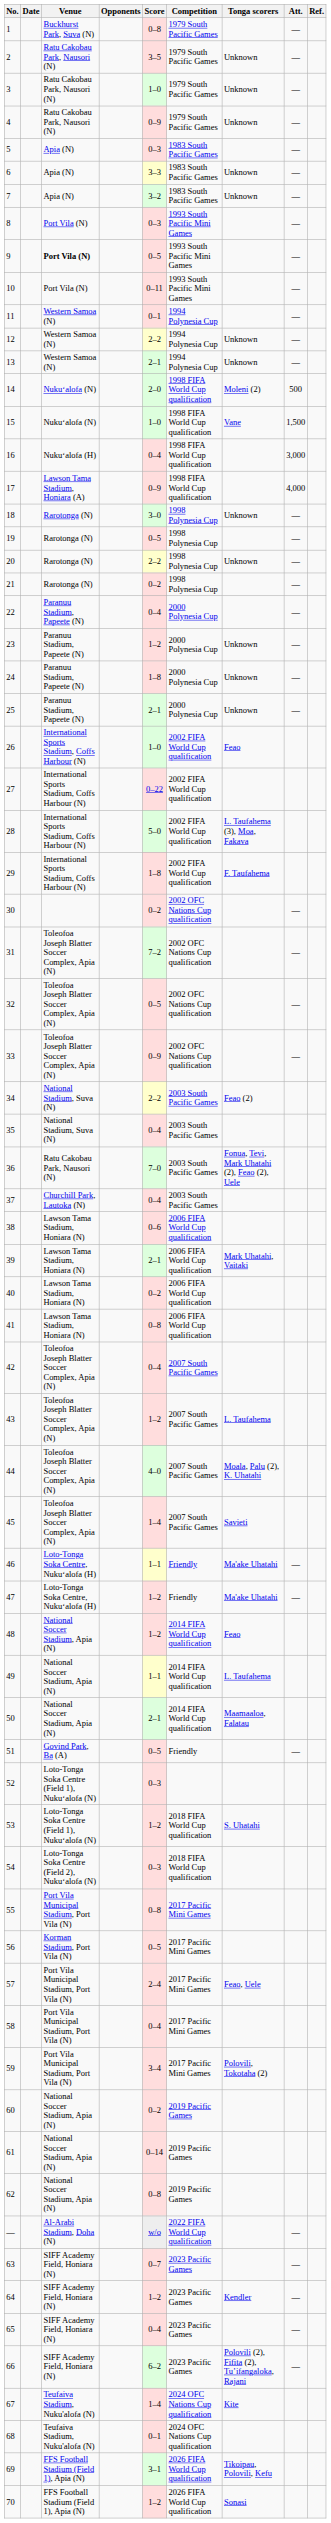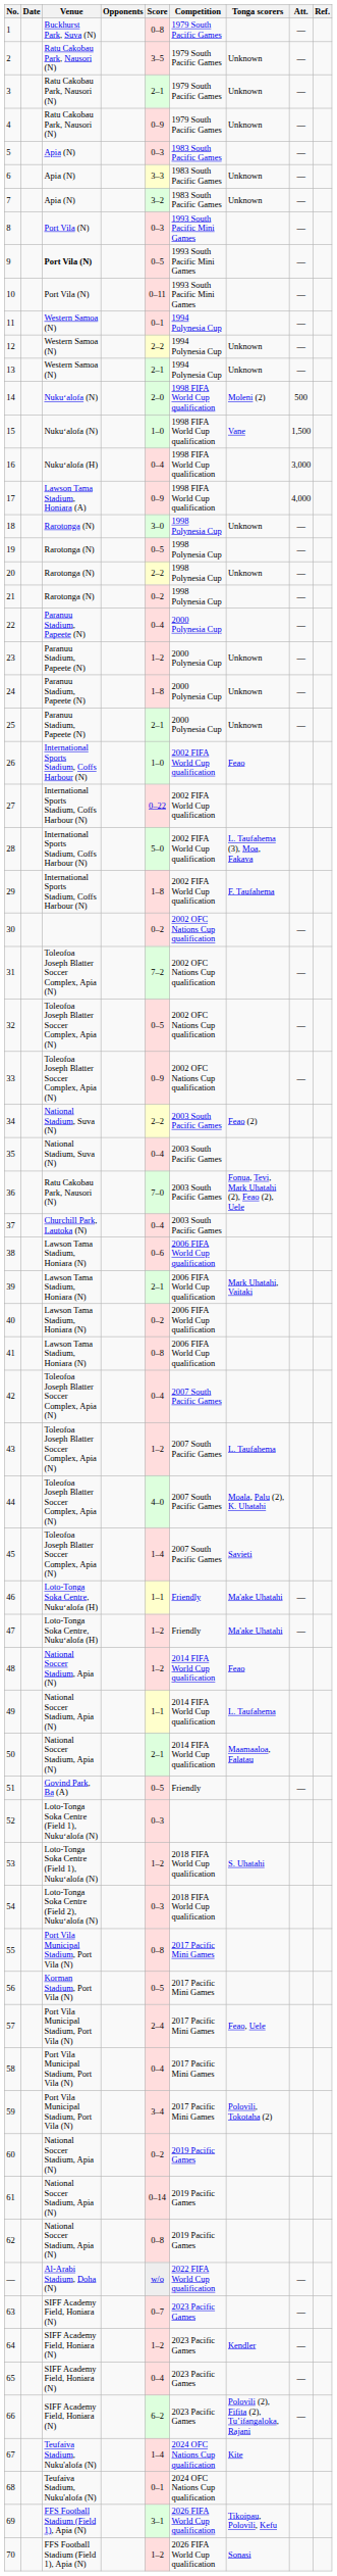 <table class="wikitable sortable">
 <tr>
 <th>No.</th>
 <th>Date</th>
 <th>Venue</th>
 <th>Opponents</th>
 <th>Score</th>
 <th>Competition</th>
 <th class=unsortable>Tonga scorers</th>
 <th>Att.</th>
 <th class=unsortable>Ref.</th>
 </tr>
 <tr>
 <td>1</td>
 <td></td>
 <td><a href='#'>Buckhurst Park</a>, <a href='#'>Suva</a> (N)</td>
 <td></td>
 <td align=center bgcolor=#ffdddd>0–8</td>
 <td><a href='#'>1979 South Pacific Games</a></td>
 <td></td>
 <td align=center>—</td>
 <td></td>
 </tr>
 <tr>
 <td>2</td>
 <td></td>
 <td><a href='#'>Ratu Cakobau Park</a>, <a href='#'>Nausori</a> (N)</td>
 <td></td>
 <td align=center bgcolor=#ffdddd>3–5</td>
 <td>1979 South Pacific Games</td>
 <td>Unknown</td>
 <td align=center>—</td>
 <td></td>
 </tr>
 <tr>
 <td>3</td>
 <td></td>
 <td>Ratu Cakobau Park, Nausori (N)</td>
 <td></td>
-<td align=center bgcolor=#ddffdd>1–0</td>
+<td align=center bgcolor=#ddffdd>2–1</td>
 <td>1979 South Pacific Games</td>
 <td>Unknown</td>
 <td align=center>—</td>
 <td></td>
 </tr>
 <tr>
 <td>4</td>
 <td></td>
 <td>Ratu Cakobau Park, Nausori (N)</td>
 <td></td>
 <td align=center bgcolor=#ffdddd>0–9</td>
 <td>1979 South Pacific Games</td>
 <td>Unknown</td>
 <td align=center>—</td>
 <td></td>
 </tr>
 <tr>
 <td>5</td>
 <td></td>
 <td><a href='#'>Apia</a> (N)</td>
 <td></td>
 <td align=center bgcolor=#ffdddd>0–3</td>
 <td><a href='#'>1983 South Pacific Games</a></td>
 <td></td>
 <td align=center>—</td>
 <td></td>
 </tr>
 <tr>
 <td>6</td>
 <td></td>
 <td>Apia (N)</td>
 <td></td>
 <td align=center bgcolor=#ffffcc>3–3</td>
 <td>1983 South Pacific Games</td>
 <td>Unknown</td>
 <td align=center>—</td>
 <td></td>
 </tr>
 <tr>
 <td>7</td>
 <td></td>
 <td>Apia (N)</td>
 <td></td>
 <td align=center bgcolor=#ddffdd>3–2</td>
 <td>1983 South Pacific Games</td>
 <td>Unknown</td>
 <td align=center>—</td>
 <td></td>
 </tr>
 <tr>
 <td>8</td>
 <td></td>
 <td><a href='#'>Port Vila</a> (N)</td>
 <td></td>
 <td align=center bgcolor=#ffdddd>0–3</td>
 <td><a href='#'>1993 South Pacific Mini Games</a></td>
 <td></td>
 <td align=center>—</td>
 <td></td>
 </tr>
 <tr>
 <td>9</td>
 <td></td>
 <td><strong>Port Vila (N)</strong></td>
 <td></td>
 <td align=center bgcolor=#ffdddd>0–5</td>
 <td>1993 South Pacific Mini Games</td>
 <td></td>
 <td align=center>—</td>
 <td></td>
 </tr>
 <tr>
 <td>10</td>
 <td></td>
 <td>Port Vila (N)</td>
 <td></td>
 <td align=center bgcolor=#ffdddd>0–11</td>
 <td>1993 South Pacific Mini Games</td>
 <td></td>
 <td align=center>—</td>
 <td></td>
 </tr>
 <tr>
 <td>11</td>
 <td></td>
 <td><a href='#'>Western Samoa</a> (N)</td>
 <td></td>
 <td align=center bgcolor=#ffdddd>0–1</td>
 <td><a href='#'>1994 Polynesia Cup</a></td>
 <td></td>
 <td align=center>—</td>
 <td></td>
 </tr>
 <tr>
 <td>12</td>
 <td></td>
 <td>Western Samoa (N)</td>
 <td></td>
 <td align=center bgcolor=#ffffcc>2–2</td>
 <td>1994 Polynesia Cup</td>
 <td>Unknown</td>
 <td align=center>—</td>
 <td></td>
 </tr>
 <tr>
 <td>13</td>
 <td></td>
 <td>Western Samoa (N)</td>
 <td></td>
 <td align=center bgcolor=#ddffdd>2–1</td>
 <td>1994 Polynesia Cup</td>
 <td>Unknown</td>
 <td align=center>—</td>
 <td></td>
 </tr>
 <tr>
 <td>14</td>
 <td></td>
 <td><a href='#'>Nukuʻalofa</a> (N)</td>
 <td></td>
 <td align=center bgcolor=#ddffdd>2–0</td>
 <td><a href='#'>1998 FIFA World Cup qualification</a></td>
 <td><a href='#'>Moleni</a> (2)</td>
 <td align=center>500</td>
 <td></td>
 </tr>
 <tr>
 <td>15</td>
 <td></td>
 <td>Nukuʻalofa (N)</td>
 <td></td>
 <td align=center bgcolor=#ddffdd>1–0</td>
 <td>1998 FIFA World Cup qualification</td>
 <td><a href='#'>Vane</a></td>
 <td align=center>1,500</td>
 <td></td>
 </tr>
 <tr>
 <td>16</td>
 <td></td>
 <td>Nukuʻalofa (H)</td>
 <td></td>
 <td align=center bgcolor=#ffdddd>0–4</td>
 <td>1998 FIFA World Cup qualification</td>
 <td></td>
 <td align=center>3,000</td>
 <td></td>
 </tr>
 <tr>
 <td>17</td>
 <td></td>
 <td><a href='#'>Lawson Tama Stadium</a>, <a href='#'>Honiara</a> (A)</td>
 <td></td>
 <td align=center bgcolor=#ffdddd>0–9</td>
 <td>1998 FIFA World Cup qualification</td>
 <td></td>
 <td align=center>4,000</td>
 <td></td>
 </tr>
 <tr>
 <td>18</td>
 <td></td>
 <td><a href='#'>Rarotonga</a> (N)</td>
 <td></td>
 <td align=center bgcolor=#ddffdd>3–0</td>
 <td><a href='#'>1998 Polynesia Cup</a></td>
 <td>Unknown</td>
 <td align=center>—</td>
 <td></td>
 </tr>
 <tr>
 <td>19</td>
 <td></td>
 <td>Rarotonga (N)</td>
 <td></td>
 <td align=center bgcolor=#ffdddd>0–5</td>
 <td>1998 Polynesia Cup</td>
 <td></td>
 <td align=center>—</td>
 <td></td>
 </tr>
 <tr>
 <td>20</td>
 <td></td>
 <td>Rarotonga (N)</td>
 <td></td>
 <td align=center bgcolor=#ffffcc>2–2</td>
 <td>1998 Polynesia Cup</td>
 <td>Unknown</td>
 <td align=center>—</td>
 <td></td>
 </tr>
 <tr>
 <td>21</td>
 <td></td>
 <td>Rarotonga (N)</td>
 <td></td>
 <td align=center bgcolor=#ffdddd>0–2</td>
 <td>1998 Polynesia Cup</td>
 <td></td>
 <td align=center>—</td>
 <td></td>
 </tr>
 <tr>
 <td>22</td>
 <td></td>
 <td><a href='#'>Paranuu Stadium</a>, <a href='#'>Papeete</a> (N)</td>
 <td></td>
 <td align=center bgcolor=#ffdddd>0–4</td>
 <td><a href='#'>2000 Polynesia Cup</a></td>
 <td></td>
 <td align=center>—</td>
 <td></td>
 </tr>
 <tr>
 <td>23</td>
 <td></td>
 <td>Paranuu Stadium, Papeete (N)</td>
 <td></td>
 <td align=center bgcolor=#ffdddd>1–2</td>
 <td>2000 Polynesia Cup</td>
 <td>Unknown</td>
 <td align=center>—</td>
 <td></td>
 </tr>
 <tr>
 <td>24</td>
 <td></td>
 <td>Paranuu Stadium, Papeete (N)</td>
 <td></td>
 <td align=center bgcolor=#ffdddd>1–8</td>
 <td>2000 Polynesia Cup</td>
 <td>Unknown</td>
 <td align=center>—</td>
 <td></td>
 </tr>
 <tr>
 <td>25</td>
 <td></td>
 <td>Paranuu Stadium, Papeete (N)</td>
 <td></td>
 <td align=center bgcolor=#ddffdd>2–1</td>
 <td>2000 Polynesia Cup</td>
 <td>Unknown</td>
 <td align=center>—</td>
 <td></td>
 </tr>
 <tr>
 <td>26</td>
 <td></td>
 <td><a href='#'>International Sports Stadium</a>, <a href='#'>Coffs Harbour</a> (N)</td>
 <td></td>
 <td align=center bgcolor=#ddffdd>1–0</td>
 <td><a href='#'>2002 FIFA World Cup qualification</a></td>
 <td><a href='#'>Feao</a></td>
 <td align=center></td>
 <td></td>
 </tr>
 <tr>
 <td>27</td>
 <td></td>
 <td>International Sports Stadium, Coffs Harbour (N)</td>
 <td></td>
 <td align=center bgcolor=#ffdddd><a href='#'>0–22</a></td>
 <td>2002 FIFA World Cup qualification</td>
 <td></td>
 <td align=center></td>
 <td></td>
 </tr>
 <tr>
 <td>28</td>
 <td></td>
 <td>International Sports Stadium, Coffs Harbour (N)</td>
 <td></td>
 <td align=center bgcolor=#ddffdd>5–0</td>
 <td>2002 FIFA World Cup qualification</td>
 <td><a href='#'>L. Taufahema</a> (3), <a href='#'>Moa</a>, <a href='#'>Fakava</a></td>
 <td align=center></td>
 <td></td>
 </tr>
 <tr>
 <td>29</td>
 <td></td>
 <td>International Sports Stadium, Coffs Harbour (N)</td>
 <td></td>
 <td align=center bgcolor=#ffdddd>1–8</td>
 <td>2002 FIFA World Cup qualification</td>
 <td><a href='#'>F. Taufahema</a></td>
 <td align=center></td>
 <td></td>
 </tr>
 <tr>
 <td>30</td>
 <td></td>
 <td></td>
 <td></td>
 <td align=center bgcolor=#ffdddd>0–2</td>
 <td><a href='#'>2002 OFC Nations Cup qualification</a></td>
 <td></td>
 <td align=center>—</td>
 <td></td>
 </tr>
 <tr>
 <td>31</td>
 <td></td>
 <td>Toleofoa Joseph Blatter Soccer Complex, Apia (N)</td>
 <td></td>
 <td align=center bgcolor=#ddffdd>7–2</td>
 <td>2002 OFC Nations Cup qualification</td>
 <td></td>
 <td align=center>—</td>
 <td></td>
 </tr>
 <tr>
 <td>32</td>
 <td></td>
 <td>Toleofoa Joseph Blatter Soccer Complex, Apia (N)</td>
 <td></td>
 <td align=center bgcolor=#ffdddd>0–5</td>
 <td>2002 OFC Nations Cup qualification</td>
 <td></td>
 <td align=center>—</td>
 <td></td>
 </tr>
 <tr>
 <td>33</td>
 <td></td>
 <td>Toleofoa Joseph Blatter Soccer Complex, Apia (N)</td>
 <td></td>
 <td align=center bgcolor=#ffdddd>0–9</td>
 <td>2002 OFC Nations Cup qualification</td>
 <td></td>
 <td align=center>—</td>
 <td></td>
 </tr>
 <tr>
 <td>34</td>
 <td></td>
 <td><a href='#'>National Stadium</a>, Suva (N)</td>
 <td></td>
 <td align=center bgcolor=#ffffcc>2–2</td>
 <td><a href='#'>2003 South Pacific Games</a></td>
 <td><a href='#'>Feao</a> (2)</td>
 <td align=center></td>
 <td></td>
 </tr>
 <tr>
 <td>35</td>
 <td></td>
 <td>National Stadium, Suva (N)</td>
 <td></td>
 <td align=center bgcolor=#ffdddd>0–4</td>
 <td>2003 South Pacific Games</td>
 <td></td>
 <td align=center></td>
 <td></td>
 </tr>
 <tr>
 <td>36</td>
 <td></td>
 <td>Ratu Cakobau Park, Nausori (N)</td>
 <td></td>
 <td align=center bgcolor=#ddffdd>7–0</td>
 <td>2003 South Pacific Games</td>
 <td><a href='#'>Fonua</a>, <a href='#'>Tevi</a>, <a href='#'>Mark Uhatahi</a> (2), <a href='#'>Feao</a> (2), <a href='#'>Uele</a></td>
 <td align=center></td>
 <td></td>
 </tr>
 <tr>
 <td>37</td>
 <td></td>
 <td><a href='#'>Churchill Park</a>, <a href='#'>Lautoka</a> (N)</td>
 <td></td>
 <td align=center bgcolor=#ffdddd>0–4</td>
 <td>2003 South Pacific Games</td>
 <td></td>
 <td align=center></td>
 <td></td>
 </tr>
 <tr>
 <td>38</td>
 <td></td>
 <td>Lawson Tama Stadium, Honiara (N)</td>
 <td></td>
 <td align=center bgcolor=#ffdddd>0–6</td>
 <td><a href='#'>2006 FIFA World Cup qualification</a></td>
 <td></td>
 <td align=center></td>
 <td></td>
 </tr>
 <tr>
 <td>39</td>
 <td></td>
 <td>Lawson Tama Stadium, Honiara (N)</td>
 <td></td>
 <td align=center bgcolor=#ddffdd>2–1</td>
 <td>2006 FIFA World Cup qualification</td>
 <td><a href='#'>Mark Uhatahi</a>, <a href='#'>Vaitaki</a></td>
 <td align=center></td>
 <td></td>
 </tr>
 <tr>
 <td>40</td>
 <td></td>
 <td>Lawson Tama Stadium, Honiara (N)</td>
 <td></td>
 <td align=center bgcolor=#ffdddd>0–2</td>
 <td>2006 FIFA World Cup qualification</td>
 <td></td>
 <td align=center></td>
 <td></td>
 </tr>
 <tr>
 <td>41</td>
 <td></td>
 <td>Lawson Tama Stadium, Honiara (N)</td>
 <td></td>
 <td align=center bgcolor=#ffdddd>0–8</td>
 <td>2006 FIFA World Cup qualification</td>
 <td></td>
 <td align=center></td>
 <td></td>
 </tr>
 <tr>
 <td>42</td>
 <td></td>
 <td>Toleofoa Joseph Blatter Soccer Complex, Apia (N)</td>
 <td></td>
 <td align=center bgcolor=#ffdddd>0–4</td>
 <td><a href='#'>2007 South Pacific Games</a></td>
 <td></td>
 <td align=center></td>
 <td></td>
 </tr>
 <tr>
 <td>43</td>
 <td></td>
 <td>Toleofoa Joseph Blatter Soccer Complex, Apia (N)</td>
 <td></td>
 <td align=center bgcolor=#ffdddd>1–2</td>
 <td>2007 South Pacific Games</td>
 <td><a href='#'>L. Taufahema</a></td>
 <td align=center></td>
 <td></td>
 </tr>
 <tr>
 <td>44</td>
 <td></td>
 <td>Toleofoa Joseph Blatter Soccer Complex, Apia (N)</td>
 <td></td>
 <td align=center bgcolor=#ddffdd>4–0</td>
 <td>2007 South Pacific Games</td>
 <td><a href='#'>Moala</a>, <a href='#'>Palu</a> (2), <a href='#'>K. Uhatahi</a></td>
 <td align=center></td>
 <td></td>
 </tr>
 <tr>
 <td>45</td>
 <td></td>
 <td>Toleofoa Joseph Blatter Soccer Complex, Apia (N)</td>
 <td></td>
 <td align=center bgcolor=#ffdddd>1–4</td>
 <td>2007 South Pacific Games</td>
 <td><a href='#'>Savieti</a></td>
 <td align=center></td>
 <td></td>
 </tr>
 <tr>
 <td>46</td>
 <td></td>
 <td><a href='#'>Loto-Tonga Soka Centre</a>, Nukuʻalofa (H)</td>
 <td></td>
 <td align=center bgcolor=#ffffcc>1–1</td>
 <td><a href='#'>Friendly</a></td>
 <td><a href='#'>Ma'ake Uhatahi</a></td>
 <td align=center>—</td>
 <td></td>
 </tr>
 <tr>
 <td>47</td>
 <td></td>
 <td>Loto-Tonga Soka Centre, Nukuʻalofa (H)</td>
 <td></td>
 <td align=center bgcolor=#ffdddd>1–2</td>
 <td>Friendly</td>
 <td><a href='#'>Ma'ake Uhatahi</a></td>
 <td align=center>—</td>
 <td></td>
 </tr>
 <tr>
 <td>48</td>
 <td></td>
 <td><a href='#'>National Soccer Stadium</a>, Apia (N)</td>
 <td></td>
 <td align=center bgcolor=#ffdddd>1–2</td>
 <td><a href='#'>2014 FIFA World Cup qualification</a></td>
 <td><a href='#'>Feao</a></td>
 <td align=center></td>
 <td></td>
 </tr>
 <tr>
 <td>49</td>
 <td></td>
 <td>National Soccer Stadium, Apia (N)</td>
 <td></td>
 <td align=center bgcolor=#ffffcc>1–1</td>
 <td>2014 FIFA World Cup qualification</td>
 <td><a href='#'>L. Taufahema</a></td>
 <td align=center></td>
 <td></td>
 </tr>
 <tr>
 <td>50</td>
 <td></td>
 <td>National Soccer Stadium, Apia (N)</td>
 <td></td>
 <td align=center bgcolor=#ddffdd>2–1</td>
 <td>2014 FIFA World Cup qualification</td>
 <td><a href='#'>Maamaaloa</a>, <a href='#'>Falatau</a></td>
 <td align=center></td>
 <td></td>
 </tr>
 <tr>
 <td>51</td>
 <td></td>
 <td><a href='#'>Govind Park</a>, <a href='#'>Ba</a> (A)</td>
 <td></td>
 <td align=center bgcolor=#ffdddd>0–5</td>
 <td>Friendly</td>
 <td></td>
 <td align=center>—</td>
 <td></td>
 </tr>
 <tr>
 <td>52</td>
 <td></td>
 <td>Loto-Tonga Soka Centre (Field 1), Nukuʻalofa (N)</td>
 <td></td>
 <td align=center bgcolor=#ffdddd>0–3</td>
 <td></td>
 <td></td>
 <td align=center></td>
 <td></td>
 </tr>
 <tr>
 <td>53</td>
 <td></td>
 <td>Loto-Tonga Soka Centre (Field 1), Nukuʻalofa (N)</td>
 <td></td>
 <td align=center bgcolor=#ffdddd>1–2</td>
 <td>2018 FIFA World Cup qualification</td>
 <td><a href='#'>S. Uhatahi</a></td>
 <td align=center></td>
 <td></td>
 </tr>
 <tr>
 <td>54</td>
 <td></td>
 <td>Loto-Tonga Soka Centre (Field 2), Nukuʻalofa (N)</td>
 <td></td>
 <td align=center bgcolor=#ffdddd>0–3</td>
 <td>2018 FIFA World Cup qualification</td>
 <td></td>
 <td align=center></td>
 <td></td>
 </tr>
 <tr>
 <td>55</td>
 <td></td>
 <td><a href='#'>Port Vila Municipal Stadium</a>, Port Vila (N)</td>
 <td></td>
 <td align=center bgcolor=#ffdddd>0–8</td>
 <td><a href='#'>2017 Pacific Mini Games</a></td>
 <td></td>
 <td align=center></td>
 <td></td>
 </tr>
 <tr>
 <td>56</td>
 <td></td>
 <td><a href='#'>Korman Stadium</a>, Port Vila (N)</td>
 <td></td>
 <td align=center bgcolor=#ffdddd>0–5</td>
 <td>2017 Pacific Mini Games</td>
 <td></td>
 <td align=center></td>
 <td></td>
 </tr>
 <tr>
 <td>57</td>
 <td></td>
 <td>Port Vila Municipal Stadium, Port Vila (N)</td>
 <td></td>
 <td align=center bgcolor=#ffdddd>2–4</td>
 <td>2017 Pacific Mini Games</td>
 <td><a href='#'>Feao</a>, <a href='#'>Uele</a></td>
 <td align=center></td>
 <td></td>
 </tr>
 <tr>
 <td>58</td>
 <td></td>
 <td>Port Vila Municipal Stadium, Port Vila (N)</td>
 <td></td>
 <td align=center bgcolor=#ffdddd>0–4</td>
 <td>2017 Pacific Mini Games</td>
 <td></td>
 <td align=center></td>
 <td></td>
 </tr>
 <tr>
 <td>59</td>
 <td></td>
 <td>Port Vila Municipal Stadium, Port Vila (N)</td>
 <td></td>
 <td align=center bgcolor=#ffdddd>3–4</td>
 <td>2017 Pacific Mini Games</td>
 <td><a href='#'>Polovili</a>, <a href='#'>Tokotaha</a> (2)</td>
 <td align=center></td>
 <td></td>
 </tr>
 <tr>
 <td>60</td>
 <td></td>
 <td>National Soccer Stadium, Apia (N)</td>
 <td></td>
 <td align=center bgcolor=#ffdddd>0–2</td>
 <td><a href='#'>2019 Pacific Games</a></td>
 <td></td>
 <td align=center></td>
 <td></td>
 </tr>
 <tr>
 <td>61</td>
 <td></td>
 <td>National Soccer Stadium, Apia (N)</td>
 <td></td>
 <td align=center bgcolor=#ffdddd>0–14</td>
 <td>2019 Pacific Games</td>
 <td></td>
 <td align=center></td>
 <td></td>
 </tr>
 <tr>
 <td>62</td>
 <td></td>
 <td>National Soccer Stadium, Apia (N)</td>
 <td></td>
 <td align=center bgcolor=#ffdddd>0–8</td>
 <td>2019 Pacific Games</td>
 <td></td>
 <td align=center></td>
 <td></td>
 </tr>
 <tr>
 <td>—</td>
 <td></td>
 <td><a href='#'>Al-Arabi Stadium</a>, <a href='#'>Doha</a> (N)</td>
 <td></td>
 <td align=center bgcolor=#eeeeee><a href='#'>w/o</a></td>
 <td><a href='#'>2022 FIFA World Cup qualification</a></td>
 <td></td>
 <td align=center>—</td>
 <td></td>
 </tr>
 <tr>
 <td>63</td>
 <td></td>
 <td>SIFF Academy Field, Honiara (N)</td>
 <td></td>
 <td align=center bgcolor=#ffdddd>0–7</td>
 <td><a href='#'>2023 Pacific Games</a></td>
 <td></td>
 <td align=center>—</td>
 <td></td>
 </tr>
 <tr>
 <td>64</td>
 <td></td>
 <td>SIFF Academy Field, Honiara (N)</td>
 <td></td>
 <td align=center bgcolor=#ffdddd>1–2</td>
 <td>2023 Pacific Games</td>
 <td><a href='#'>Kendler</a></td>
 <td align=center>—</td>
 <td></td>
 </tr>
 <tr>
 <td>65</td>
 <td></td>
 <td>SIFF Academy Field, Honiara (N)</td>
 <td></td>
 <td align=center bgcolor=#ffdddd>0–4</td>
 <td>2023 Pacific Games</td>
 <td></td>
 <td align=center>—</td>
 <td></td>
 </tr>
 <tr>
 <td>66</td>
 <td></td>
 <td>SIFF Academy Field, Honiara (N)</td>
 <td></td>
 <td align=center bgcolor=#ddffdd>6–2</td>
 <td>2023 Pacific Games</td>
 <td><a href='#'>Polovili</a> (2), <a href='#'>Fifita</a> (2), <a href='#'>Tu’ifangaloka</a>, <a href='#'>Rajani</a></td>
 <td align=center>—</td>
 <td></td>
 </tr>
 <tr>
 <td>67</td>
 <td></td>
 <td><a href='#'>Teufaiva Stadium</a>, Nuku'alofa (N)</td>
 <td></td>
 <td align=center bgcolor=#ffdddd>1–4</td>
 <td><a href='#'>2024 OFC Nations Cup qualification</a></td>
 <td><a href='#'>Kite</a></td>
 <td align=center></td>
 <td></td>
 </tr>
 <tr>
 <td>68</td>
 <td></td>
 <td>Teufaiva Stadium, Nuku'alofa (N)</td>
 <td></td>
 <td align=center bgcolor=#ffdddd>0–1</td>
 <td>2024 OFC Nations Cup qualification</td>
 <td></td>
 <td align=center></td>
 <td></td>
 </tr>
 <tr>
 <td>69</td>
 <td></td>
 <td><a href='#'>FFS Football Stadium (Field 1)</a>, Apia (N)</td>
 <td></td>
 <td align=center bgcolor=#ddffdd>3–1</td>
 <td><a href='#'>2026 FIFA World Cup qualification</a></td>
 <td><a href='#'>Tikoipau</a>, <a href='#'>Polovili</a>, <a href='#'>Kefu</a></td>
 <td align=center></td>
 <td></td>
 </tr>
 <tr>
 <td>70</td>
 <td></td>
 <td>FFS Football Stadium (Field 1), Apia (N)</td>
 <td></td>
 <td align=center bgcolor=#ffdddd>1–2<br></td>
 <td>2026 FIFA World Cup qualification</td>
 <td><a href='#'>Sonasi</a></td>
 <td align=center></td>
 <td></td>
 </tr>
 </table>
